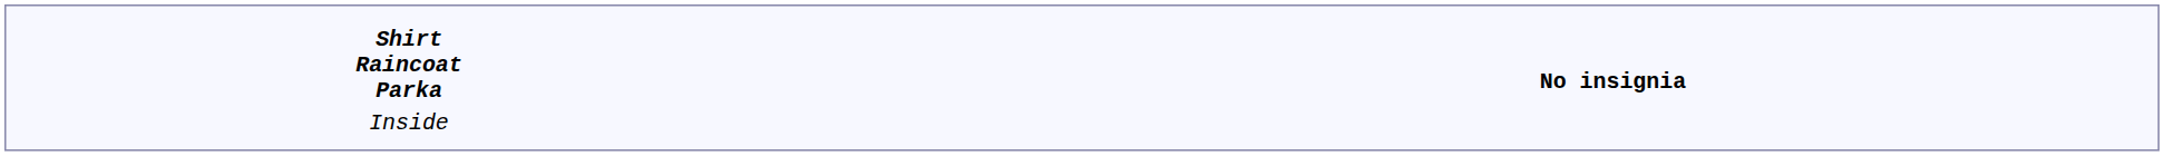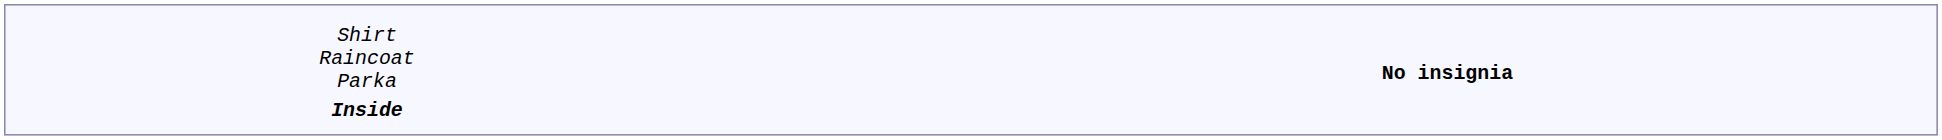 <table style="border:1px solid #8888aa; background-color:#f7f8ff; padding:5px; font-size:100%; margin: 0px 12px 12px 0px;width:100%">
 <tr>
 <td colspan=1></td>
 </tr>
 <tr align=center>
-<td><strong><em>Shirt<br>Raincoat<br>Parka</em></strong></td>
+<td><em>Shirt<br>Raincoat<br>Parka</em></td>
 <td colspan=6></td>
 <td colspan=2></td>
 <td colspan=2></td>
 <td colspan=6 rowspan=2></td>
 <td colspan=6></td>
 <td colspan=4></td>
 <td colspan=1></td>
 <td colspan=1></td>
 <td colspan=3></td>
 <td colspan=3></td>
 <td colspan=2 rowspan=2><strong>No insignia</strong></td>
 </tr>
 <tr align=center>
-<td><em>Inside</em></td>
+<td><strong><em>Inside</em></strong></td>
 <td colspan=6></td>
 <td colspan=2></td>
 <td colspan=2></td>
 <td colspan=6></td>
 <td colspan=4></td>
 <td colspan=1></td>
 <td colspan=1></td>
 <td colspan=3></td>
 <td colspan=3></td>
 </tr>
 </table>
